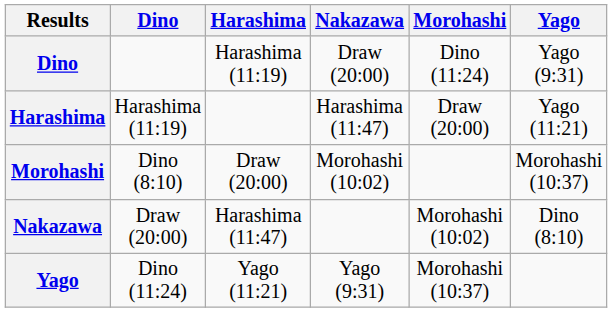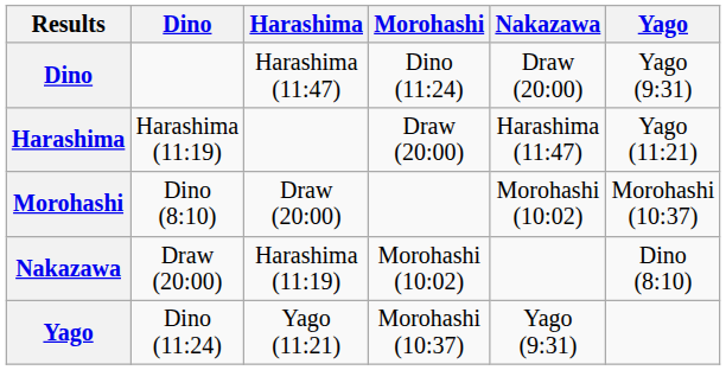 <table class="wikitable" style="margin: 1em auto 1em auto">
 <tr align="center">
 <th>Results</th>
 <th><a href='#'>Dino</a></th>
 <th><a href='#'>Harashima</a></th>
+<th><a href='#'>Morohashi</a></th>
 <th><a href='#'>Nakazawa</a></th>
-<th><a href='#'>Morohashi</a></th>
 <th><a href='#'>Yago</a></th>
 </tr>
 <tr align="center">
 <th><a href='#'>Dino</a></th>
 <td></td>
-<td>Harashima<br>(11:19)</td>
+<td>Harashima<br>(11:47)</td>
+<td>Dino<br>(11:24)</td>
 <td>Draw<br>(20:00)</td>
-<td>Dino<br>(11:24)</td>
 <td>Yago<br>(9:31)</td>
 </tr>
 <tr align="center">
 <th><a href='#'>Harashima</a></th>
 <td>Harashima<br>(11:19)</td>
 <td></td>
+<td>Draw<br>(20:00)</td>
 <td>Harashima<br>(11:47)</td>
-<td>Draw<br>(20:00)</td>
 <td>Yago<br>(11:21)</td>
 </tr>
 <tr align="center">
 <th><a href='#'>Morohashi</a></th>
 <td>Dino<br>(8:10)</td>
 <td>Draw<br>(20:00)</td>
+<td></td>
 <td>Morohashi<br>(10:02)</td>
-<td></td>
 <td>Morohashi<br>(10:37)</td>
 </tr>
 <tr align="center">
 <th><a href='#'>Nakazawa</a></th>
 <td>Draw<br>(20:00)</td>
-<td>Harashima<br>(11:47)</td>
+<td>Harashima<br>(11:19)</td>
+<td>Morohashi<br>(10:02)</td>
 <td></td>
-<td>Morohashi<br>(10:02)</td>
 <td>Dino<br>(8:10)</td>
 </tr>
 <tr align="center">
 <th><a href='#'>Yago</a></th>
 <td>Dino<br>(11:24)</td>
 <td>Yago<br>(11:21)</td>
+<td>Morohashi<br>(10:37)</td>
 <td>Yago<br>(9:31)</td>
-<td>Morohashi<br>(10:37)</td>
 <td></td>
 </tr>
 </table>
